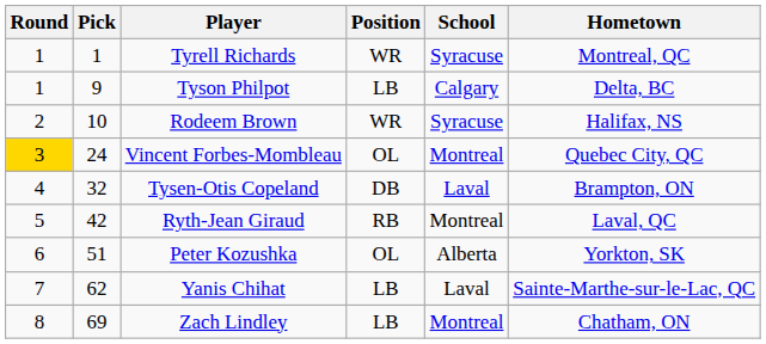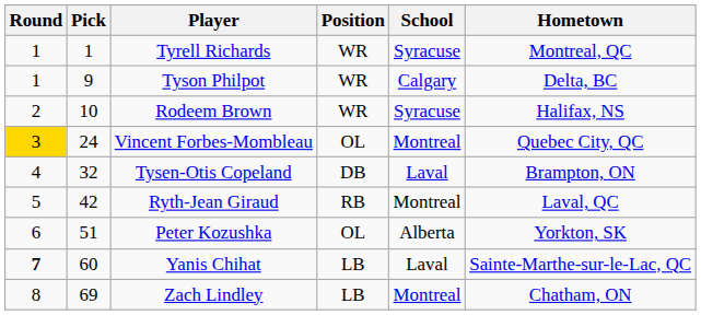 <table class="wikitable" style="font-size: 95%;">
 <tr>
 <th scope="col">Round</th>
 <th scope="col">Pick</th>
 <th scope="col">Player</th>
 <th scope="col">Position</th>
 <th scope="col">School</th>
 <th scope="col">Hometown</th>
 </tr>
 <tr align="center">
 <td align=center>1</td>
 <td>1</td>
 <td><a href='#'>Tyrell Richards</a></td>
 <td>WR</td>
 <td><a href='#'>Syracuse</a></td>
 <td><a href='#'>Montreal, QC</a></td>
 </tr>
 <tr align="center">
 <td align=center>1</td>
 <td>9</td>
 <td><a href='#'>Tyson Philpot</a></td>
-<td>LB</td>
+<td>WR</td>
 <td><a href='#'>Calgary</a></td>
 <td><a href='#'>Delta, BC</a></td>
 </tr>
 <tr align="center">
 <td align=center>2</td>
 <td>10</td>
 <td><a href='#'>Rodeem Brown</a></td>
 <td>WR</td>
 <td><a href='#'>Syracuse</a></td>
 <td><a href='#'>Halifax, NS</a></td>
 </tr>
 <tr align="center">
 <td align=center style="background: gold;">3</td>
 <td>24</td>
 <td><a href='#'>Vincent Forbes-Mombleau</a></td>
 <td>OL</td>
 <td><a href='#'>Montreal</a></td>
 <td><a href='#'>Quebec City, QC</a></td>
 </tr>
 <tr align="center">
 <td align=center>4</td>
 <td>32</td>
 <td><a href='#'>Tysen-Otis Copeland</a></td>
 <td>DB</td>
 <td><a href='#'>Laval</a></td>
 <td><a href='#'>Brampton, ON</a></td>
 </tr>
 <tr align="center">
 <td align=center>5</td>
 <td>42</td>
 <td><a href='#'>Ryth-Jean Giraud</a></td>
 <td>RB</td>
 <td>Montreal</td>
 <td><a href='#'>Laval, QC</a></td>
 </tr>
 <tr align="center">
 <td align=center>6</td>
 <td>51</td>
 <td><a href='#'>Peter Kozushka</a></td>
 <td>OL</td>
 <td>Alberta</td>
 <td><a href='#'>Yorkton, SK</a></td>
 </tr>
 <tr align="center">
-<td align=center>7</td>
-<td>62</td>
+<td align=center><strong>7</strong></td>
+<td>60</td>
 <td><a href='#'>Yanis Chihat</a></td>
 <td>LB</td>
 <td>Laval</td>
 <td><a href='#'>Sainte-Marthe-sur-le-Lac, QC</a></td>
 </tr>
 <tr align="center">
 <td align=center>8</td>
 <td>69</td>
 <td><a href='#'>Zach Lindley</a></td>
 <td>LB</td>
 <td><a href='#'>Montreal</a></td>
 <td><a href='#'>Chatham, ON</a></td>
 </tr>
 </table>
